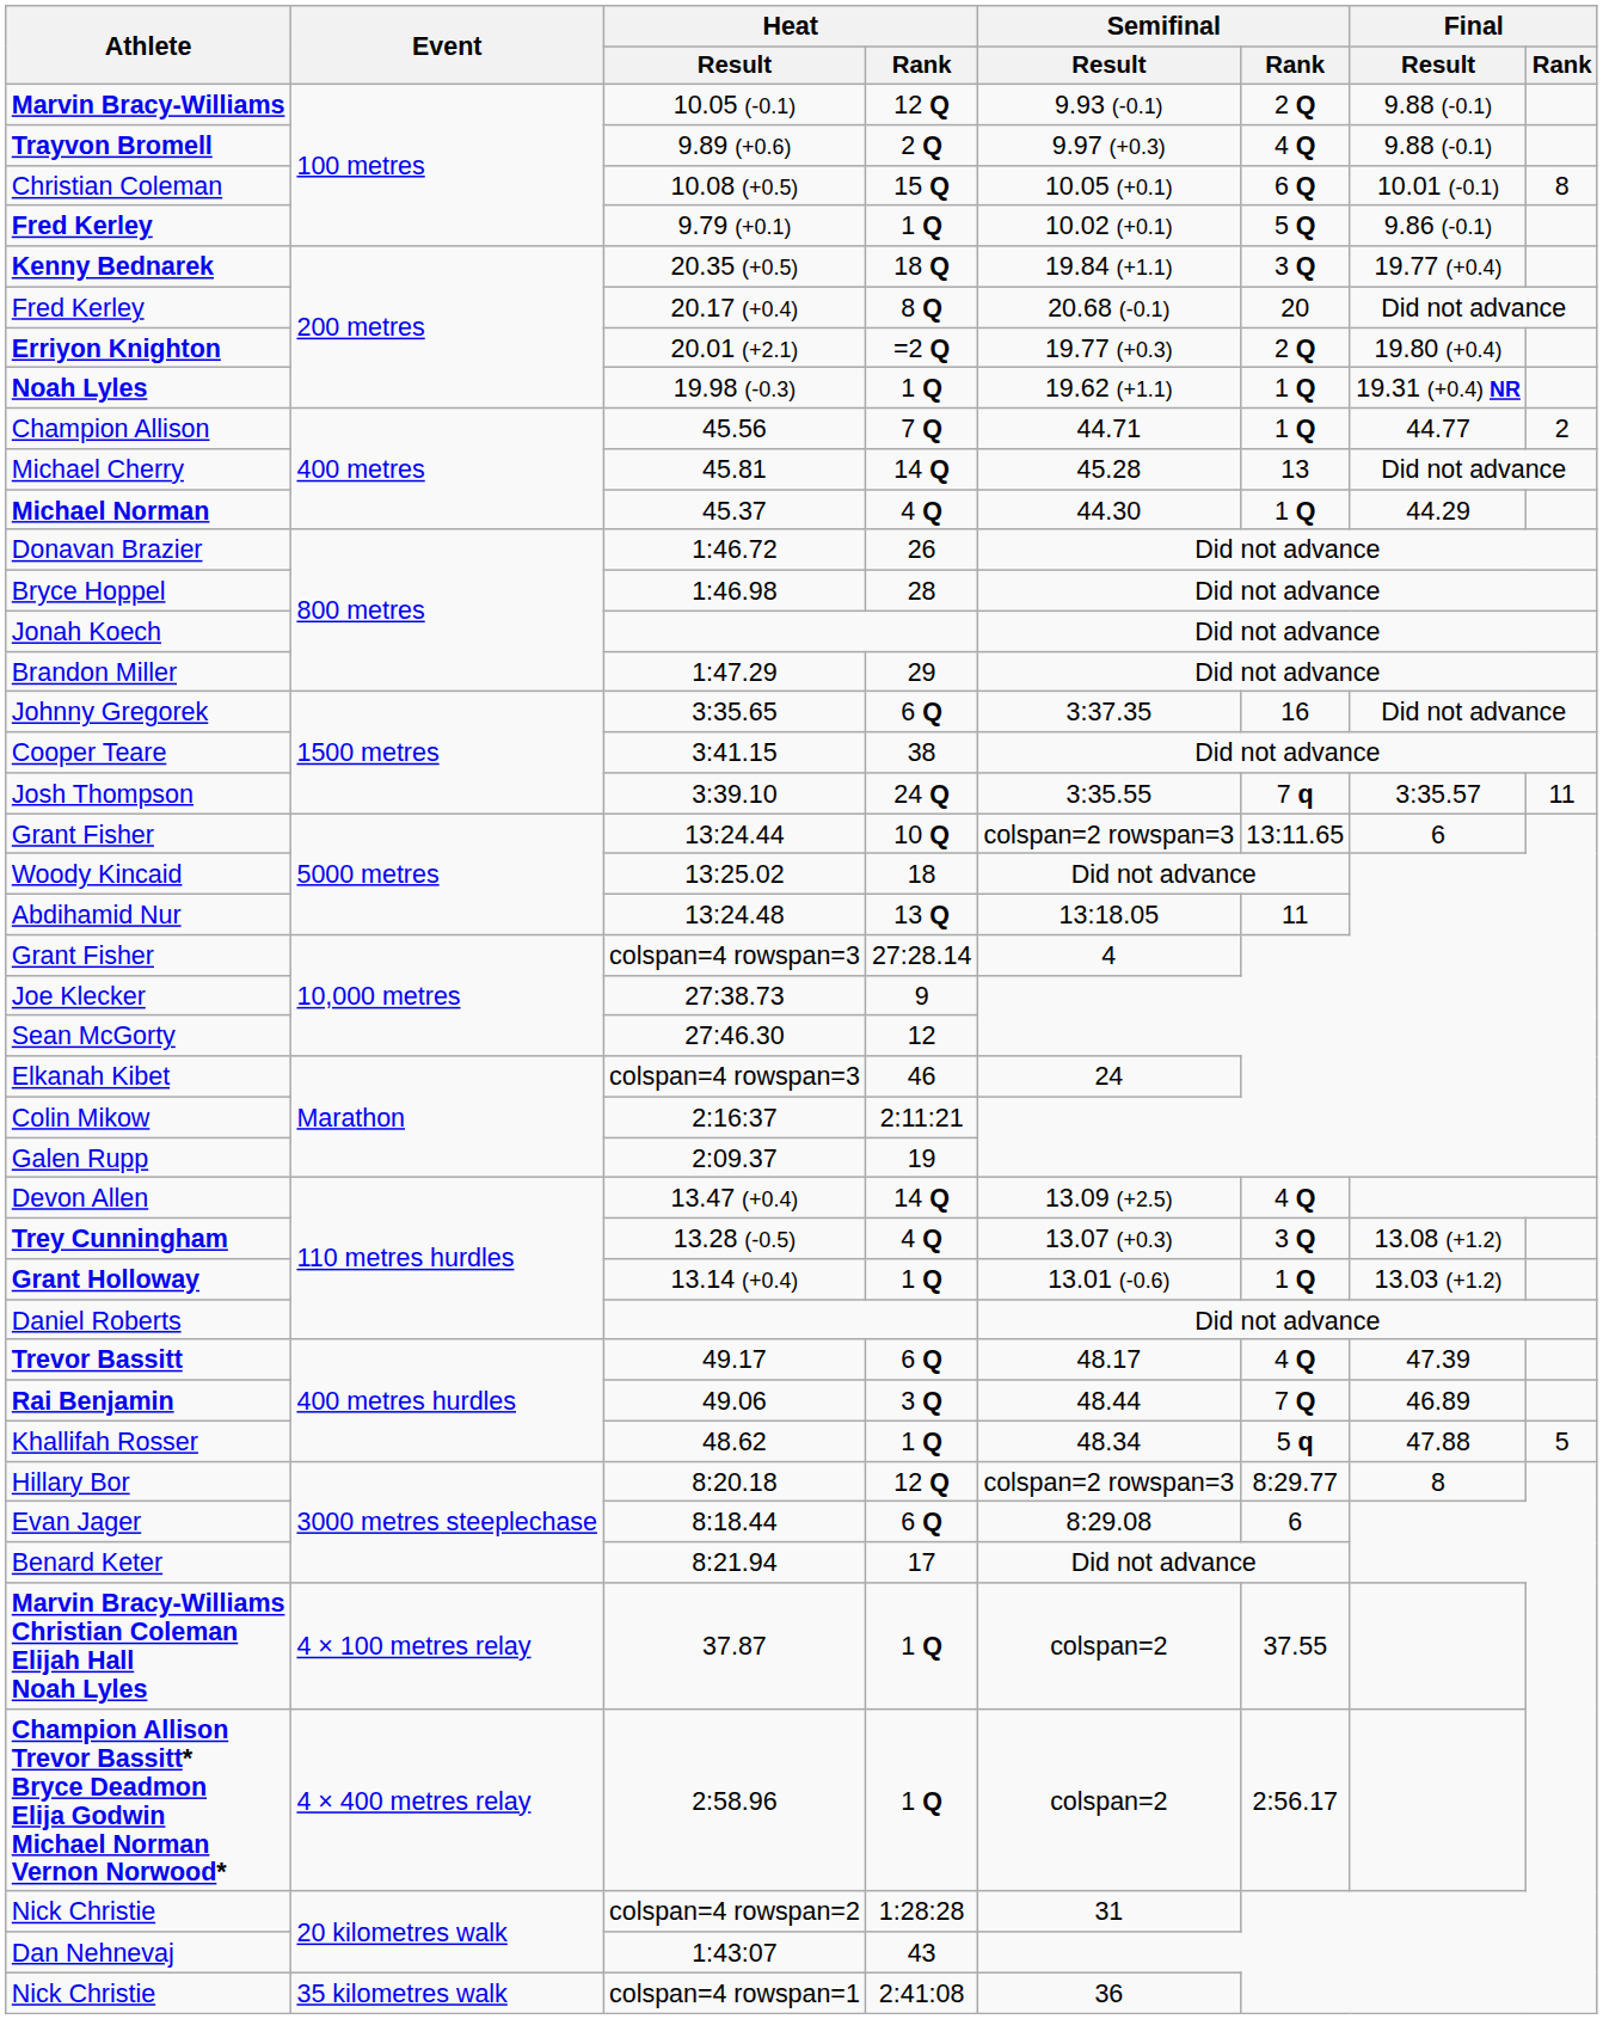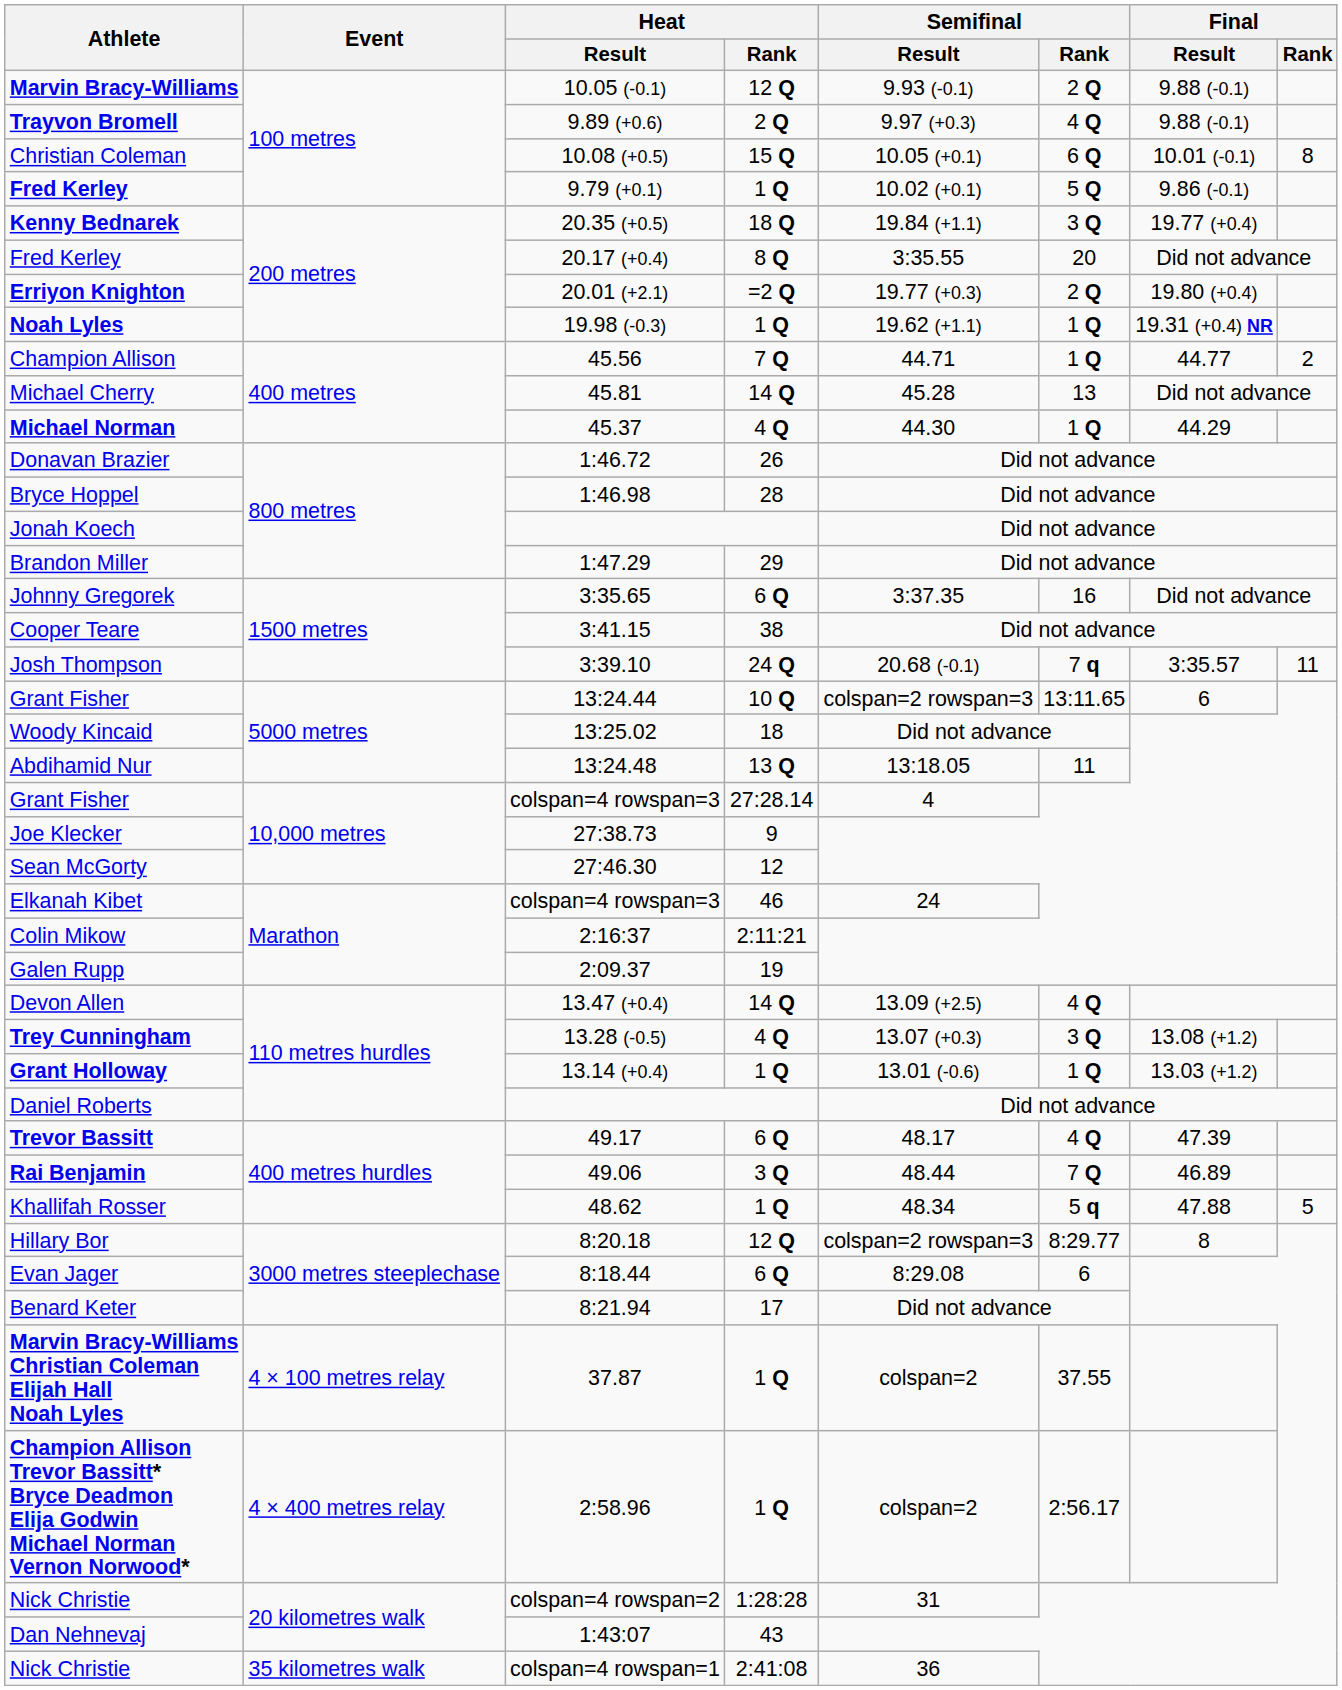 <table class="wikitable" style="font-size:90%">
 <tr>
 <th rowspan="2">Athlete</th>
 <th rowspan="2">Event</th>
 <th colspan="2">Heat</th>
 <th colspan="2">Semifinal</th>
 <th colspan="2">Final</th>
 </tr>
 <tr style="font-size:95%">
 <th>Result</th>
 <th>Rank</th>
 <th>Result</th>
 <th>Rank</th>
 <th>Result</th>
 <th>Rank</th>
 </tr>
 <tr align="center">
 <td align="left"><a href='#'><strong>Marvin Bracy-Williams</strong></a></td>
 <td rowspan="4" align="left"><a href='#'>100 metres</a></td>
 <td>10.05 <small>(-0.1)</small></td>
 <td>12 <strong>Q</strong></td>
 <td>9.93 <small>(-0.1)</small></td>
 <td>2 <strong>Q</strong></td>
 <td>9.88 <small>(-0.1)</small></td>
 <td></td>
 </tr>
 <tr align="center">
 <td align="left"><strong><a href='#'>Trayvon Bromell</a></strong></td>
 <td>9.89 <small>(+0.6)</small></td>
 <td>2 <strong>Q</strong></td>
 <td>9.97 <small>(+0.3)</small></td>
 <td>4 <strong>Q</strong></td>
 <td>9.88 <small>(-0.1)</small></td>
 <td></td>
 </tr>
 <tr align="center">
 <td align="left"><a href='#'>Christian Coleman</a></td>
 <td>10.08 <small>(+0.5)</small></td>
 <td>15 <strong>Q</strong></td>
 <td>10.05 <small>(+0.1)</small></td>
 <td>6 <strong>Q</strong></td>
 <td>10.01 <small>(-0.1)</small></td>
 <td>8</td>
 </tr>
 <tr align="center">
 <td align="left"><strong><a href='#'>Fred Kerley</a></strong></td>
 <td>9.79 <small>(+0.1)</small></td>
 <td>1 <strong>Q</strong></td>
 <td>10.02 <small>(+0.1)</small></td>
 <td>5 <strong>Q</strong></td>
 <td>9.86 <small>(-0.1)</small></td>
 <td></td>
 </tr>
 <tr align="center">
 <td align="left"><a href='#'><strong>Kenny Bednarek</strong></a></td>
 <td rowspan="4" align="left"><a href='#'>200 metres</a></td>
 <td>20.35 <small>(+0.5)</small></td>
 <td>18 <strong>Q</strong></td>
 <td>19.84 <small>(+1.1)</small></td>
 <td>3 <strong>Q</strong></td>
 <td>19.77 <small>(+0.4)</small></td>
 <td></td>
 </tr>
 <tr align="center">
 <td align="left"><a href='#'>Fred Kerley</a></td>
 <td>20.17 <small>(+0.4)</small></td>
 <td>8 <strong>Q</strong></td>
-<td>20.68 <small>(-0.1)</small></td>
+<td>3:35.55</td>
 <td>20</td>
 <td colspan="2">Did not advance</td>
 </tr>
 <tr align="center">
 <td align="left"><strong><a href='#'>Erriyon Knighton</a></strong></td>
 <td>20.01 <small>(+2.1)</small></td>
 <td>=2 <strong>Q</strong></td>
 <td>19.77 <small>(+0.3)</small></td>
 <td>2 <strong>Q</strong></td>
 <td>19.80 <small>(+0.4)</small></td>
 <td></td>
 </tr>
 <tr align="center">
 <td align="left"><strong><a href='#'>Noah Lyles</a></strong></td>
 <td>19.98 <small>(-0.3)</small></td>
 <td>1 <strong>Q</strong></td>
 <td>19.62 <small>(+1.1)</small></td>
 <td>1 <strong>Q</strong></td>
 <td>19.31 <small>(+0.4) <strong><a href='#'>NR</a></strong></small></td>
 <td></td>
 </tr>
 <tr align="center">
 <td align="left"><a href='#'>Champion Allison</a></td>
 <td rowspan="3" align="left"><a href='#'>400 metres</a></td>
 <td>45.56</td>
 <td>7 <strong>Q</strong></td>
 <td>44.71</td>
 <td>1 <strong>Q</strong></td>
 <td>44.77</td>
 <td>2</td>
 </tr>
 <tr align="center">
 <td align="left"><a href='#'>Michael Cherry</a></td>
 <td>45.81</td>
 <td>14 <strong>Q</strong></td>
 <td>45.28</td>
 <td>13</td>
 <td colspan="2">Did not advance</td>
 </tr>
 <tr align="center">
 <td align="left"><a href='#'><strong>Michael Norman</strong></a></td>
 <td>45.37</td>
 <td>4 <strong>Q</strong></td>
 <td>44.30</td>
 <td>1 <strong>Q</strong></td>
 <td>44.29</td>
 <td></td>
 </tr>
 <tr align="center">
 <td align="left"><a href='#'>Donavan Brazier</a></td>
 <td rowspan="4" align="left"><a href='#'>800 metres</a></td>
 <td>1:46.72</td>
 <td>26</td>
 <td colspan="4">Did not advance</td>
 </tr>
 <tr align="center">
 <td align="left"><a href='#'>Bryce Hoppel</a></td>
 <td>1:46.98</td>
 <td>28</td>
 <td colspan="4">Did not advance</td>
 </tr>
 <tr align="center">
 <td align="left"><a href='#'>Jonah Koech</a></td>
 <td colspan="2"></td>
 <td colspan="4">Did not advance</td>
 </tr>
 <tr align="center">
 <td align="left"><a href='#'>Brandon Miller</a></td>
 <td>1:47.29</td>
 <td>29</td>
 <td colspan="4">Did not advance</td>
 </tr>
 <tr align="center">
 <td align="left"><a href='#'>Johnny Gregorek</a></td>
 <td rowspan="3" align="left"><a href='#'>1500 metres</a></td>
 <td>3:35.65</td>
 <td>6 <strong>Q</strong></td>
 <td>3:37.35</td>
 <td>16</td>
 <td colspan="2">Did not advance</td>
 </tr>
 <tr align="center">
 <td align="left"><a href='#'>Cooper Teare</a></td>
 <td>3:41.15</td>
 <td>38</td>
 <td colspan="4">Did not advance</td>
 </tr>
 <tr align="center">
 <td align="left"><a href='#'>Josh Thompson</a></td>
 <td>3:39.10</td>
 <td>24 <strong>Q</strong></td>
-<td>3:35.55</td>
+<td>20.68 <small>(-0.1)</small></td>
 <td>7 <strong>q</strong></td>
 <td>3:35.57</td>
 <td>11</td>
 </tr>
 <tr align="center">
 <td align="left"><a href='#'>Grant Fisher</a></td>
 <td rowspan="3" align="left"><a href='#'>5000 metres</a></td>
 <td>13:24.44</td>
 <td>10 <strong>Q</strong></td>
 <td>colspan=2 rowspan=3 </td>
 <td>13:11.65</td>
 <td>6</td>
 </tr>
 <tr align="center">
 <td align="left"><a href='#'>Woody Kincaid</a></td>
 <td>13:25.02</td>
 <td>18</td>
 <td colspan="2">Did not advance</td>
 </tr>
 <tr align="center">
 <td align="left"><a href='#'>Abdihamid Nur</a></td>
 <td>13:24.48</td>
 <td>13 <strong>Q</strong></td>
 <td>13:18.05</td>
 <td>11</td>
 </tr>
 <tr align="center">
 <td align="left"><a href='#'>Grant Fisher</a></td>
 <td rowspan="3" align="left"><a href='#'>10,000 metres</a></td>
 <td>colspan=4 rowspan=3 </td>
 <td>27:28.14</td>
 <td>4</td>
 </tr>
 <tr align="center">
 <td align="left"><a href='#'>Joe Klecker</a></td>
 <td>27:38.73</td>
 <td>9</td>
 </tr>
 <tr align="center">
 <td align="left"><a href='#'>Sean McGorty</a></td>
 <td>27:46.30</td>
 <td>12</td>
 </tr>
 <tr align="center">
 <td align="left"><a href='#'>Elkanah Kibet</a></td>
 <td rowspan="3" align="left"><a href='#'>Marathon</a></td>
 <td>colspan=4 rowspan=3 </td>
 <td>46</td>
 <td>24</td>
 </tr>
 <tr align="center">
 <td align="left"><a href='#'>Colin Mikow</a></td>
 <td>2:16:37</td>
 <td>2:11:21</td>
 </tr>
 <tr align="center">
 <td align="left"><a href='#'>Galen Rupp</a></td>
 <td>2:09.37</td>
 <td>19</td>
 </tr>
 <tr align="center">
 <td align="left"><a href='#'>Devon Allen</a></td>
 <td rowspan="4" align="left"><a href='#'>110 metres hurdles</a></td>
 <td>13.47 <small>(+0.4)</small></td>
 <td>14 <strong>Q</strong></td>
 <td>13.09 <small>(+2.5)</small></td>
 <td>4 <strong>Q</strong></td>
 <td colspan="2"></td>
 </tr>
 <tr align="center">
 <td align="left"><strong><a href='#'>Trey Cunningham</a></strong></td>
 <td>13.28 <small>(-0.5)</small></td>
 <td>4 <strong>Q</strong></td>
 <td>13.07 <small>(+0.3)</small></td>
 <td>3 <strong>Q</strong></td>
 <td>13.08 <small>(+1.2)</small></td>
 <td></td>
 </tr>
 <tr align="center">
 <td align="left"><strong><a href='#'>Grant Holloway</a></strong></td>
 <td>13.14 <small>(+0.4)</small></td>
 <td>1 <strong>Q</strong></td>
 <td>13.01 <small>(-0.6)</small></td>
 <td>1 <strong>Q</strong></td>
 <td>13.03 <small>(+1.2)</small></td>
 <td></td>
 </tr>
 <tr align="center">
 <td align="left"><a href='#'>Daniel Roberts</a></td>
 <td colspan="2"></td>
 <td colspan="4">Did not advance</td>
 </tr>
 <tr align="center">
 <td align="left"><strong><a href='#'>Trevor Bassitt</a></strong></td>
 <td rowspan="3" align="left"><a href='#'>400 metres hurdles</a></td>
 <td>49.17</td>
 <td>6 <strong>Q</strong></td>
 <td>48.17</td>
 <td>4 <strong>Q</strong></td>
 <td>47.39</td>
 <td></td>
 </tr>
 <tr align="center">
 <td align="left"><strong><a href='#'>Rai Benjamin</a></strong></td>
 <td>49.06</td>
 <td>3 <strong>Q</strong></td>
 <td>48.44</td>
 <td>7 <strong>Q</strong></td>
 <td>46.89</td>
 <td></td>
 </tr>
 <tr align="center">
 <td align="left"><a href='#'>Khallifah Rosser</a></td>
 <td>48.62</td>
 <td>1 <strong>Q</strong></td>
 <td>48.34</td>
 <td>5 <strong>q</strong></td>
 <td>47.88</td>
 <td>5</td>
 </tr>
 <tr align="center">
 <td align="left"><a href='#'>Hillary Bor</a></td>
 <td rowspan="3" align="left"><a href='#'>3000 metres steeplechase</a></td>
 <td>8:20.18</td>
 <td>12 <strong>Q</strong></td>
 <td>colspan=2 rowspan=3 </td>
 <td>8:29.77</td>
 <td>8</td>
 </tr>
 <tr align="center">
 <td align="left"><a href='#'>Evan Jager</a></td>
 <td>8:18.44</td>
 <td>6 <strong>Q</strong></td>
 <td>8:29.08</td>
 <td>6</td>
 </tr>
 <tr align="center">
 <td align="left"><a href='#'>Benard Keter</a></td>
 <td>8:21.94</td>
 <td>17</td>
 <td colspan="2">Did not advance</td>
 </tr>
 <tr align="center">
 <td align="left"><strong><a href='#'>Marvin Bracy-Williams</a><br><a href='#'>Christian Coleman</a><br><a href='#'>Elijah Hall</a><br><a href='#'>Noah Lyles</a></strong></td>
 <td align="left"><a href='#'>4 × 100 metres relay</a></td>
 <td>37.87</td>
 <td>1 <strong>Q</strong></td>
 <td>colspan=2 </td>
 <td>37.55</td>
 <td></td>
 </tr>
 <tr align="center">
 <td align="left"><strong><a href='#'>Champion Allison</a><br><a href='#'>Trevor Bassitt</a>*<br><a href='#'>Bryce Deadmon</a><br><a href='#'>Elija Godwin</a><br><a href='#'>Michael Norman</a><br><a href='#'>Vernon Norwood</a>*</strong></td>
 <td align="left"><a href='#'>4 × 400 metres relay</a></td>
 <td>2:58.96</td>
 <td>1 <strong>Q</strong></td>
 <td>colspan=2 </td>
 <td>2:56.17</td>
 <td></td>
 </tr>
 <tr align="center">
 <td align="left"><a href='#'>Nick Christie</a></td>
 <td rowspan="2" align="left"><a href='#'>20 kilometres walk</a></td>
 <td>colspan=4 rowspan=2 </td>
 <td>1:28:28</td>
 <td>31</td>
 </tr>
 <tr align="center">
 <td align="left"><a href='#'>Dan Nehnevaj</a></td>
 <td>1:43:07</td>
 <td>43</td>
 </tr>
 <tr align="center">
 <td align="left"><a href='#'>Nick Christie</a></td>
 <td align="left"><a href='#'>35 kilometres walk</a></td>
 <td>colspan=4 rowspan=1 </td>
 <td>2:41:08</td>
 <td>36</td>
 </tr>
 </table>
